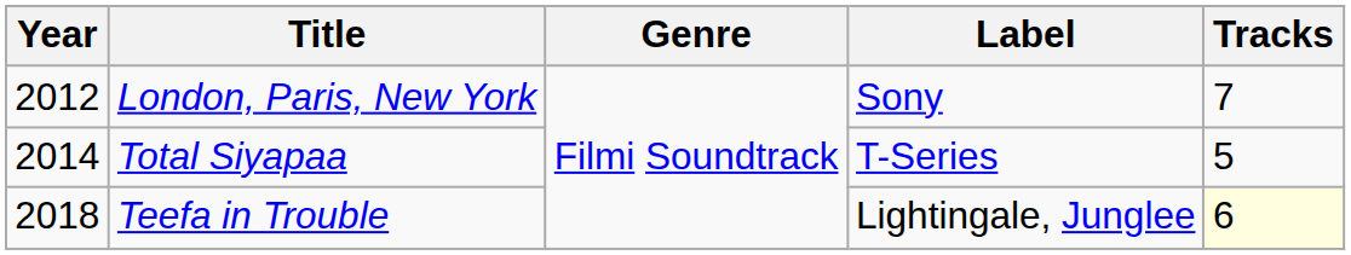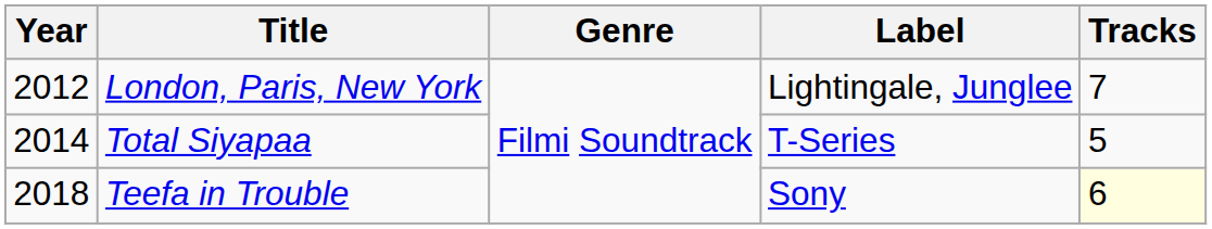 <table class="wikitable">
 <tr>
 <th>Year</th>
 <th>Title</th>
 <th>Genre</th>
 <th>Label</th>
 <th>Tracks</th>
 </tr>
 <tr>
 <td>2012</td>
 <td><em><a href='#'>London, Paris, New York</a></em></td>
 <td rowspan=3><a href='#'>Filmi</a> <a href='#'>Soundtrack</a></td>
-<td><a href='#'>Sony</a></td>
+<td>Lightingale, <a href='#'>Junglee</a></td>
 <td>7</td>
 </tr>
 <tr>
 <td>2014</td>
 <td><em><a href='#'>Total Siyapaa</a></em></td>
 <td><a href='#'>T-Series</a></td>
 <td>5</td>
 </tr>
 <tr>
 <td>2018</td>
 <td><em><a href='#'>Teefa in Trouble</a></em></td>
-<td>Lightingale, <a href='#'>Junglee</a></td>
+<td><a href='#'>Sony</a></td>
 <td style="background: lightyellow;">6</td>
 </tr>
 </table>
